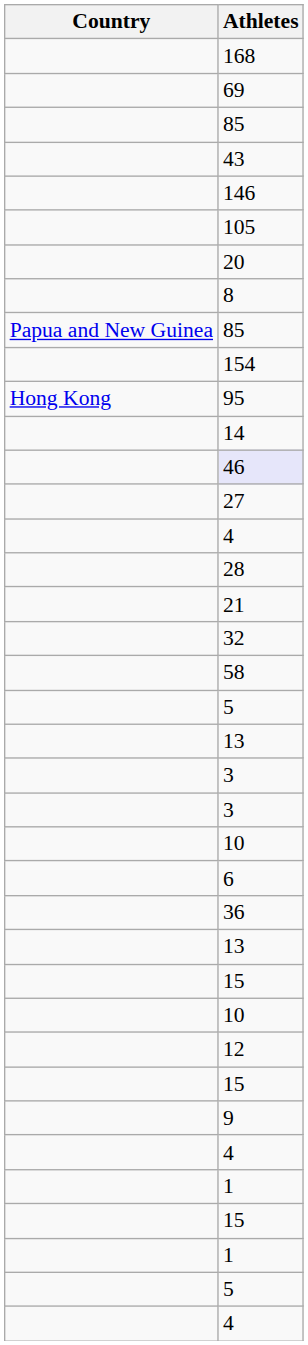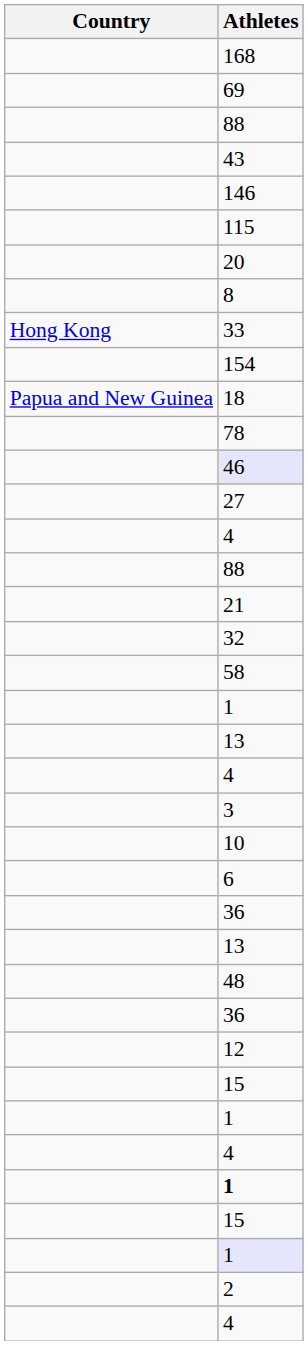 <table class="wikitable collapsible sortable" style="border:90">
 <tr>
 <th scope=col>Country</th>
 <th scope=col>Athletes</th>
 </tr>
 <tr>
 <td></td>
 <td>168</td>
 </tr>
 <tr>
 <td></td>
 <td>69</td>
 </tr>
 <tr>
 <td></td>
-<td>85</td>
+<td>88</td>
 </tr>
 <tr>
 <td></td>
 <td>43</td>
 </tr>
 <tr>
 <td></td>
 <td>146</td>
 </tr>
 <tr>
 <td></td>
-<td>105</td>
+<td>115</td>
 </tr>
 <tr>
 <td></td>
 <td>20</td>
 </tr>
 <tr>
 <td></td>
 <td>8</td>
 </tr>
 <tr>
-<td> <a href='#'>Papua and New Guinea</a></td>
-<td>85</td>
+<td> <a href='#'>Hong Kong</a></td>
+<td>33</td>
 </tr>
 <tr>
 <td></td>
 <td>154</td>
 </tr>
 <tr>
-<td> <a href='#'>Hong Kong</a></td>
-<td>95</td>
+<td> <a href='#'>Papua and New Guinea</a></td>
+<td>18</td>
 </tr>
 <tr>
 <td></td>
-<td>14</td>
+<td>78</td>
 </tr>
 <tr>
 <td></td>
 <td style="background: lavender;">46</td>
 </tr>
 <tr>
 <td></td>
 <td>27</td>
 </tr>
 <tr>
 <td></td>
 <td>4</td>
 </tr>
 <tr>
 <td></td>
-<td>28</td>
+<td>88</td>
 </tr>
 <tr>
 <td></td>
 <td>21</td>
 </tr>
 <tr>
 <td></td>
 <td>32</td>
 </tr>
 <tr>
 <td></td>
 <td>58</td>
 </tr>
 <tr>
 <td></td>
-<td>5</td>
+<td>1</td>
 </tr>
 <tr>
 <td></td>
 <td>13</td>
 </tr>
 <tr>
 <td></td>
-<td>3</td>
+<td>4</td>
 </tr>
 <tr>
 <td></td>
 <td>3</td>
 </tr>
 <tr>
 <td></td>
 <td>10</td>
 </tr>
 <tr>
 <td></td>
 <td>6</td>
 </tr>
 <tr>
 <td></td>
 <td>36</td>
 </tr>
 <tr>
 <td></td>
 <td>13</td>
 </tr>
 <tr>
 <td></td>
-<td>15</td>
+<td>48</td>
 </tr>
 <tr>
 <td></td>
-<td>10</td>
+<td>36</td>
 </tr>
 <tr>
 <td></td>
 <td>12</td>
 </tr>
 <tr>
 <td></td>
 <td>15</td>
 </tr>
 <tr>
 <td></td>
-<td>9</td>
+<td>1</td>
 </tr>
 <tr>
 <td></td>
 <td>4</td>
 </tr>
 <tr>
 <td></td>
-<td>1</td>
+<td><strong>1</strong></td>
 </tr>
 <tr>
 <td></td>
 <td>15</td>
 </tr>
 <tr>
 <td></td>
-<td>1</td>
+<td style="background: lavender;">1</td>
 </tr>
 <tr>
 <td></td>
-<td>5</td>
+<td>2</td>
 </tr>
 <tr>
 <td></td>
 <td>4</td>
 </tr>
 </table>
